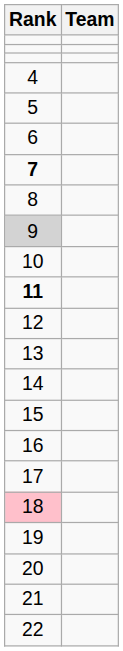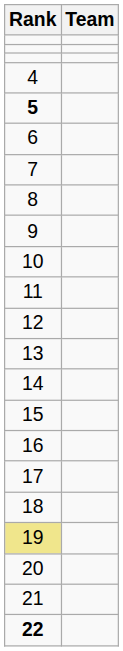 <table class="wikitable sortable" style="text-align:center">
 <tr>
 <th>Rank</th>
 <th>Team</th>
 </tr>
 <tr>
 <td></td>
 <td align="left"></td>
 </tr>
 <tr>
 <td></td>
 <td align="left"></td>
 </tr>
 <tr>
 <td></td>
 <td align="left"></td>
 </tr>
 <tr>
 <td>4</td>
 <td align="left"></td>
 </tr>
 <tr>
-<td>5</td>
+<td><strong>5</strong></td>
 <td align="left"></td>
 </tr>
 <tr>
 <td>6</td>
 <td align="left"></td>
 </tr>
 <tr>
-<td><strong>7</strong></td>
+<td>7</td>
 <td align="left"></td>
 </tr>
 <tr>
 <td>8</td>
 <td align="left"></td>
 </tr>
 <tr>
-<td style="background: lightgrey;">9</td>
+<td>9</td>
 <td align="left"></td>
 </tr>
 <tr>
 <td>10</td>
 <td align="left"></td>
 </tr>
 <tr>
-<td><strong>11</strong></td>
+<td>11</td>
 <td align="left"></td>
 </tr>
 <tr>
 <td>12</td>
 <td align="left"></td>
 </tr>
 <tr>
 <td>13</td>
 <td align="left"></td>
 </tr>
 <tr>
 <td>14</td>
 <td align="left"></td>
 </tr>
 <tr>
 <td>15</td>
 <td align="left"></td>
 </tr>
 <tr>
 <td>16</td>
 <td align="left"></td>
 </tr>
 <tr>
 <td>17</td>
 <td align="left"></td>
 </tr>
 <tr>
-<td style="background: pink;">18</td>
+<td>18</td>
 <td align="left"></td>
 </tr>
 <tr>
-<td>19</td>
+<td style="background: khaki;">19</td>
 <td align="left"></td>
 </tr>
 <tr>
 <td>20</td>
 <td align="left"></td>
 </tr>
 <tr>
 <td>21</td>
 <td align="left"></td>
 </tr>
 <tr>
-<td>22</td>
+<td><strong>22</strong></td>
 <td align="left"></td>
 </tr>
 </table>
